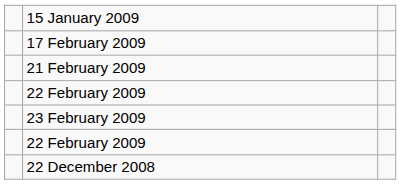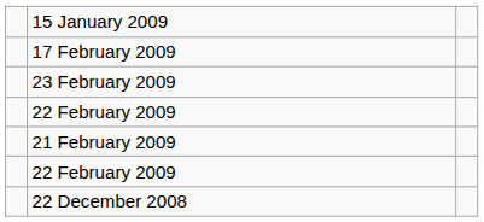 <table class="wikitable" style="font-size: 89%; float: left; width: 26em; margin-right: 1em; height: 165px;">
 <tr>
 <td></td>
 <td>15 January 2009</td>
 <td></td>
 </tr>
 <tr>
 <td></td>
 <td>17 February 2009</td>
+<td></td>
+</tr>
+<tr>
+<td></td>
+<td>23 February 2009</td>
+<td></td>
+</tr>
+<tr>
+<td></td>
+<td>22 February 2009</td>
 <td></td>
 </tr>
 <tr>
 <td></td>
 <td>21 February 2009</td>
 <td></td>
 </tr>
 <tr>
 <td></td>
 <td>22 February 2009</td>
 <td></td>
 </tr>
 <tr>
 <td></td>
-<td>23 February 2009</td>
-<td></td>
-</tr>
-<tr>
-<td></td>
-<td>22 February 2009</td>
-<td></td>
-</tr>
-<tr>
-<td></td>
 <td>22 December 2008</td>
 <td></td>
 </tr>
 </table>
